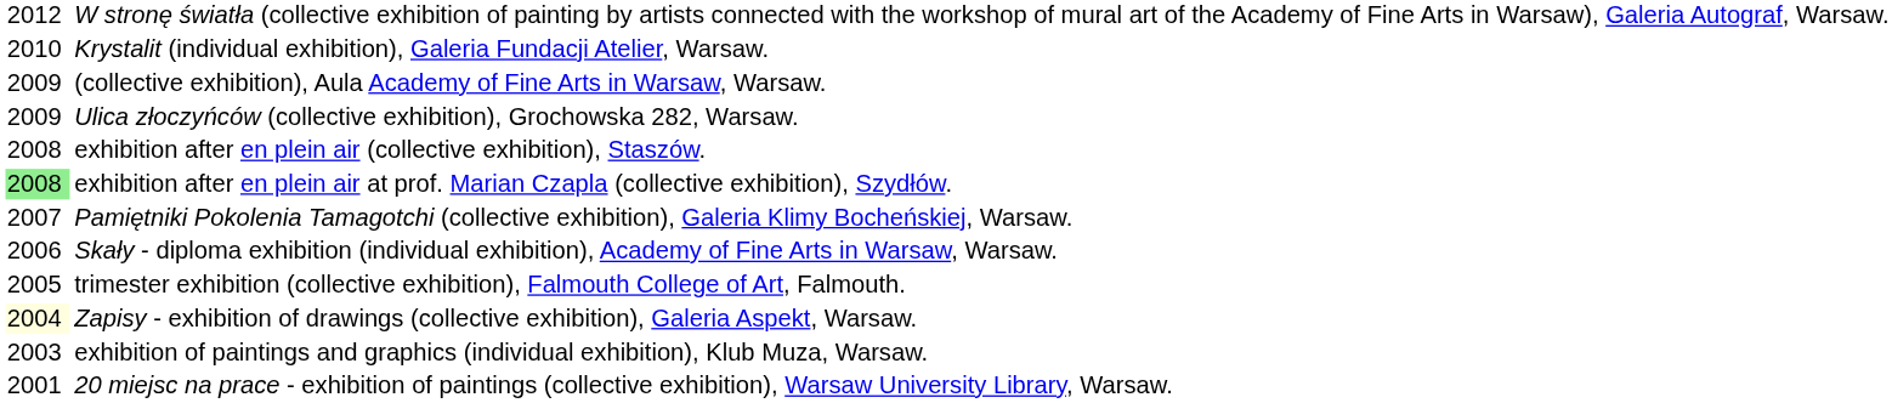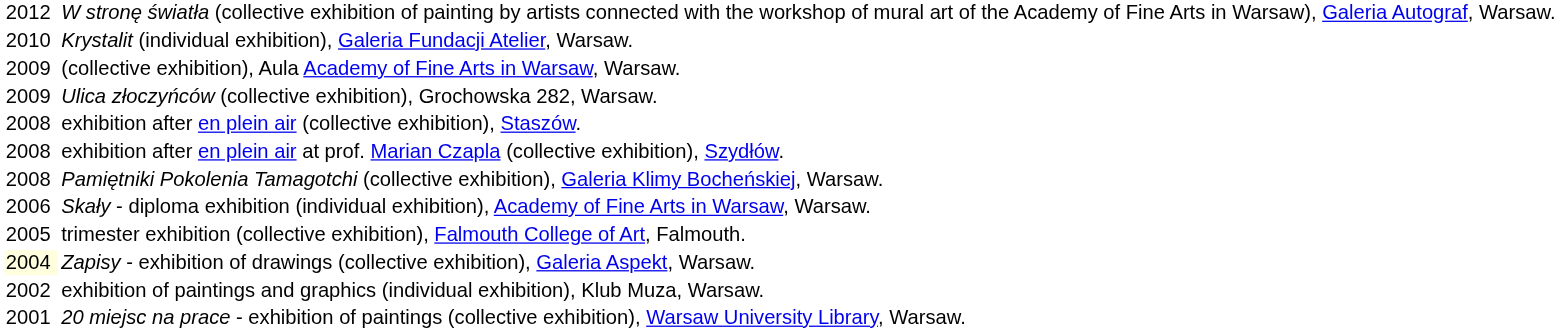 <table>
 <tr style="vertical-align:top;">
 <td width="40px">2012</td>
 <td><em>W stronę światła</em> (collective exhibition of painting by artists connected with the workshop of mural art of the Academy of Fine Arts in Warsaw), <a href='#'>Galeria Autograf</a>, Warsaw.</td>
 </tr>
 <tr style="vertical-align:top;">
 <td>2010</td>
 <td><em>Krystalit</em> (individual exhibition), <a href='#'>Galeria Fundacji Atelier</a>, Warsaw.</td>
 </tr>
 <tr style="vertical-align:top;">
 <td>2009</td>
 <td>(collective exhibition), Aula <a href='#'>Academy of Fine Arts in Warsaw</a>, Warsaw.</td>
 </tr>
 <tr style="vertical-align:top;">
 <td>2009</td>
 <td><em>Ulica złoczyńców</em> (collective exhibition), Grochowska 282, Warsaw.</td>
 </tr>
 <tr style="vertical-align:top;">
 <td>2008</td>
 <td>exhibition after <a href='#'>en plein air</a> (collective exhibition), <a href='#'>Staszów</a>.</td>
 </tr>
 <tr style="vertical-align:top;">
-<td style="background: lightgreen;">2008</td>
+<td>2008</td>
 <td>exhibition after <a href='#'>en plein air</a> at prof. <a href='#'>Marian Czapla</a> (collective exhibition), <a href='#'>Szydłów</a>.</td>
 </tr>
 <tr style="vertical-align:top;">
-<td>2007</td>
+<td>2008</td>
 <td><em>Pamiętniki Pokolenia Tamagotchi</em> (collective exhibition), <a href='#'>Galeria Klimy Bocheńskiej</a>, Warsaw.</td>
 </tr>
 <tr style="vertical-align:top;">
 <td>2006</td>
 <td><em>Skały</em> - diploma exhibition (individual exhibition), <a href='#'>Academy of Fine Arts in Warsaw</a>, Warsaw.</td>
 </tr>
 <tr style="vertical-align:top;">
 <td>2005</td>
 <td>trimester exhibition (collective exhibition), <a href='#'>Falmouth College of Art</a>, Falmouth.</td>
 </tr>
 <tr style="vertical-align:top;">
 <td style="background: lightyellow;">2004</td>
 <td><em>Zapisy</em> - exhibition of drawings (collective exhibition), <a href='#'>Galeria Aspekt</a>, Warsaw.</td>
 </tr>
 <tr style="vertical-align:top;">
-<td>2003</td>
+<td>2002</td>
 <td>exhibition of paintings and graphics (individual exhibition), Klub Muza, Warsaw.</td>
 </tr>
 <tr style="vertical-align:top;">
 <td>2001</td>
 <td><em>20 miejsc na prace</em> - exhibition of paintings (collective exhibition), <a href='#'>Warsaw University Library</a>, Warsaw.</td>
 </tr>
 </table>
